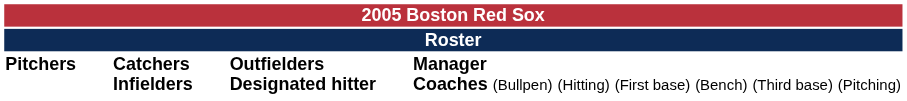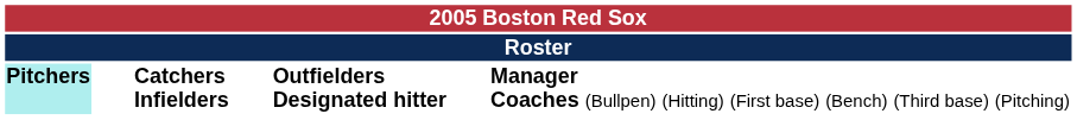 <table class="toccolours" style="text-align: left;">
 <tr>
 <th colspan="10" style="background-color: #ba313c; color: #FFFFFF; text-align: center;">2005 Boston Red Sox</th>
 </tr>
 <tr>
 <td colspan="10" style="background-color:#0d2b56; color: white; text-align: center;"><strong>Roster</strong></td>
 </tr>
 <tr>
-<td valign="top"><strong>Pitchers</strong><br>                         </td>
+<td valign="top" style="background: paleturquoise;"><strong>Pitchers</strong><br>                         </td>
 <td width="25px"></td>
 <td valign="top"><strong>Catchers</strong><br>    <strong>Infielders</strong>             </td>
 <td width="25px"></td>
 <td valign="top"><strong>Outfielders</strong><br>        <strong>Designated hitter</strong>  </td>
 <td width="25px"></td>
 <td valign="top"><strong>Manager</strong><br> <strong>Coaches</strong>  <small>(Bullpen)</small>  <small>(Hitting)</small>  <small>(First base)</small>  <small>(Bench)</small>  <small>(Third base)</small>  <small>(Pitching)</small></td>
 </tr>
 <tr>
 </tr>
 </table>
